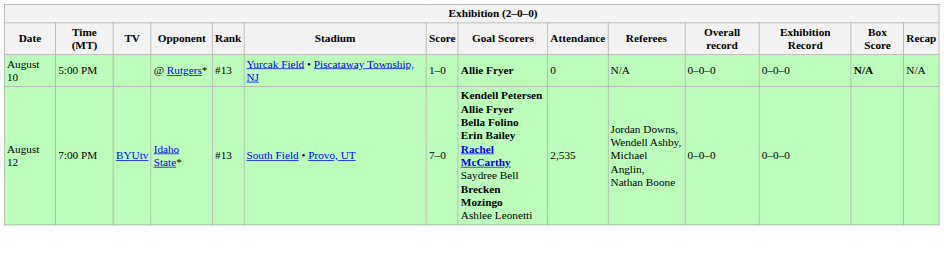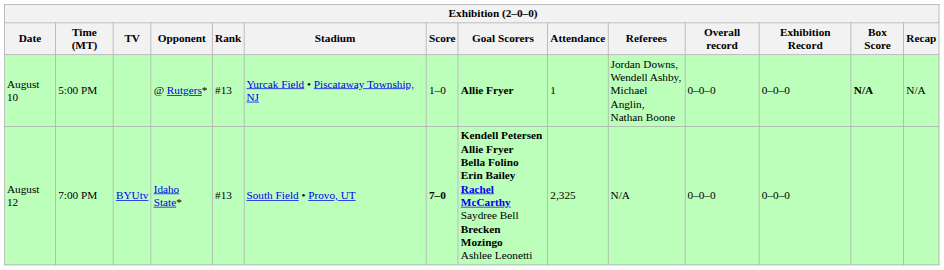 <table class="wikitable collapsible collapsed" style="margin:auto; font-size:95%; width:100%">
 <tr>
 <th colspan=14 style="padding-left:4em;">Exhibition (2–0–0)</th>
 </tr>
 <tr>
 <th>Date</th>
 <th>Time (MT)</th>
 <th>TV</th>
 <th>Opponent</th>
 <th>Rank</th>
 <th>Stadium</th>
 <th>Score</th>
 <th>Goal Scorers</th>
 <th>Attendance</th>
 <th>Referees</th>
 <th>Overall record</th>
 <th>Exhibition Record</th>
 <th>Box Score</th>
 <th>Recap</th>
 </tr>
 <tr bgcolor=bbffbb>
 <td>August 10</td>
 <td>5:00 PM</td>
 <td></td>
 <td>@ <a href='#'>Rutgers</a>*</td>
 <td>#13</td>
 <td><a href='#'>Yurcak Field</a> • <a href='#'>Piscataway Township, NJ</a></td>
 <td>1–0</td>
 <td><strong>Allie Fryer</strong> </td>
-<td>0</td>
-<td>N/A</td>
+<td>1</td>
+<td>Jordan Downs, <br> Wendell Ashby, <br> Michael Anglin, <br> Nathan Boone</td>
 <td>0–0–0</td>
 <td>0–0–0</td>
 <td><strong>N/A</strong></td>
 <td>N/A</td>
 </tr>
 <tr bgcolor=bbffbb>
 <td>August 12</td>
 <td>7:00 PM</td>
 <td><a href='#'>BYUtv</a></td>
 <td><a href='#'>Idaho State</a>*</td>
 <td>#13</td>
 <td><a href='#'>South Field</a> • <a href='#'>Provo, UT</a></td>
-<td>7–0</td>
+<td><strong>7–0</strong></td>
 <td><strong>Kendell Petersen</strong>  <br> <strong>Allie Fryer</strong>  <br> <strong>Bella Folino</strong>  <br> <strong>Erin Bailey</strong>  <br> <strong><a href='#'>Rachel McCarthy</a></strong>  <br>  Saydree Bell <br> <strong>Brecken Mozingo</strong>  <br>  Ashlee Leonetti</td>
-<td>2,535</td>
-<td>Jordan Downs, <br> Wendell Ashby, <br> Michael Anglin, <br> Nathan Boone</td>
+<td>2,325</td>
+<td>N/A</td>
 <td>0–0–0</td>
 <td>0–0–0</td>
 <td></td>
 <td></td>
 </tr>
 </table>
